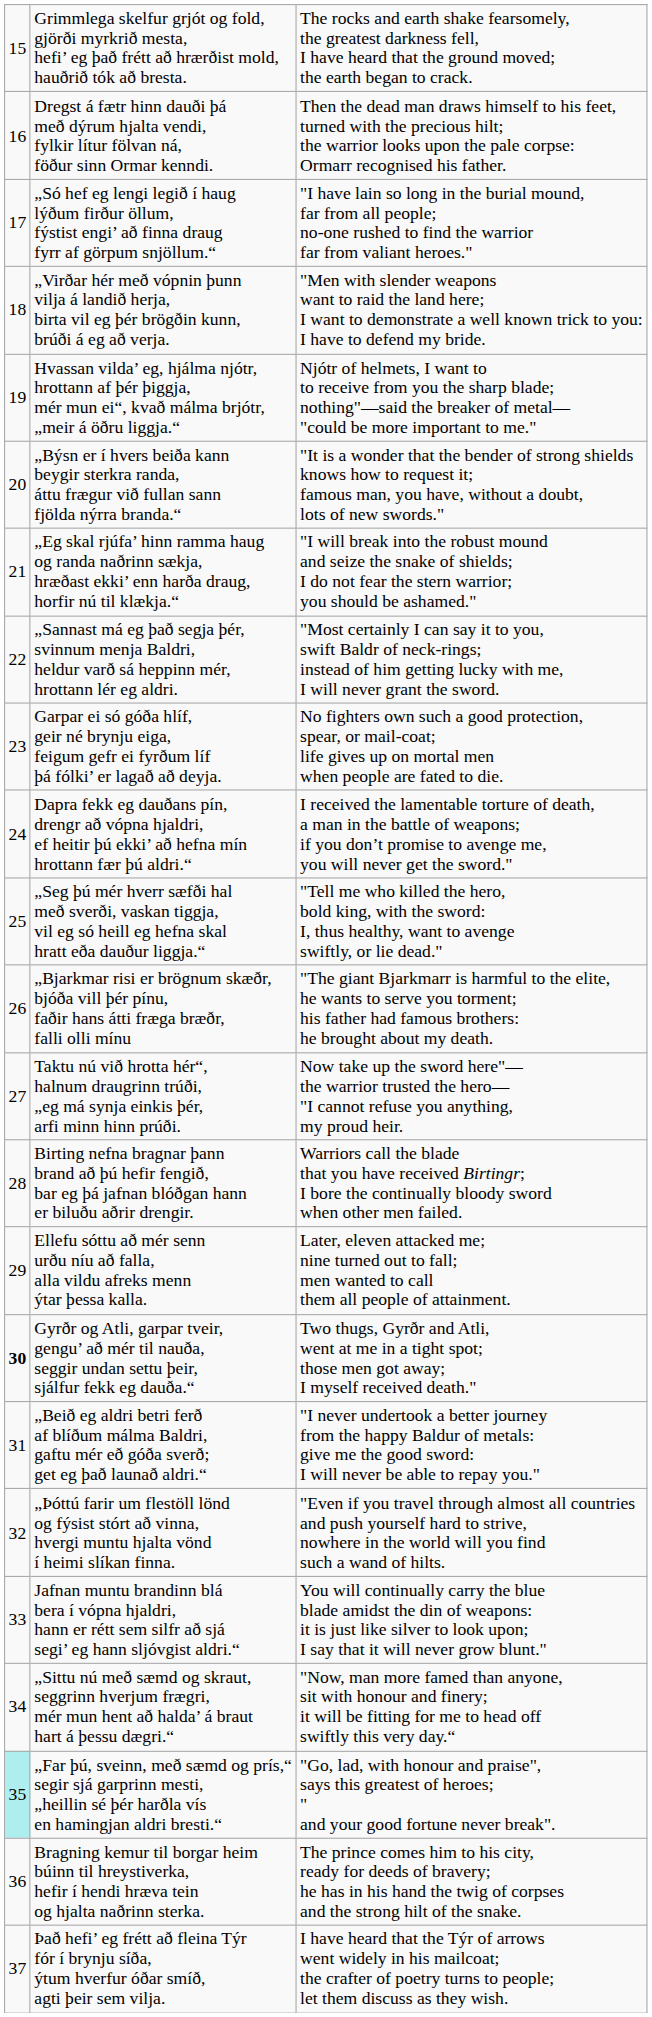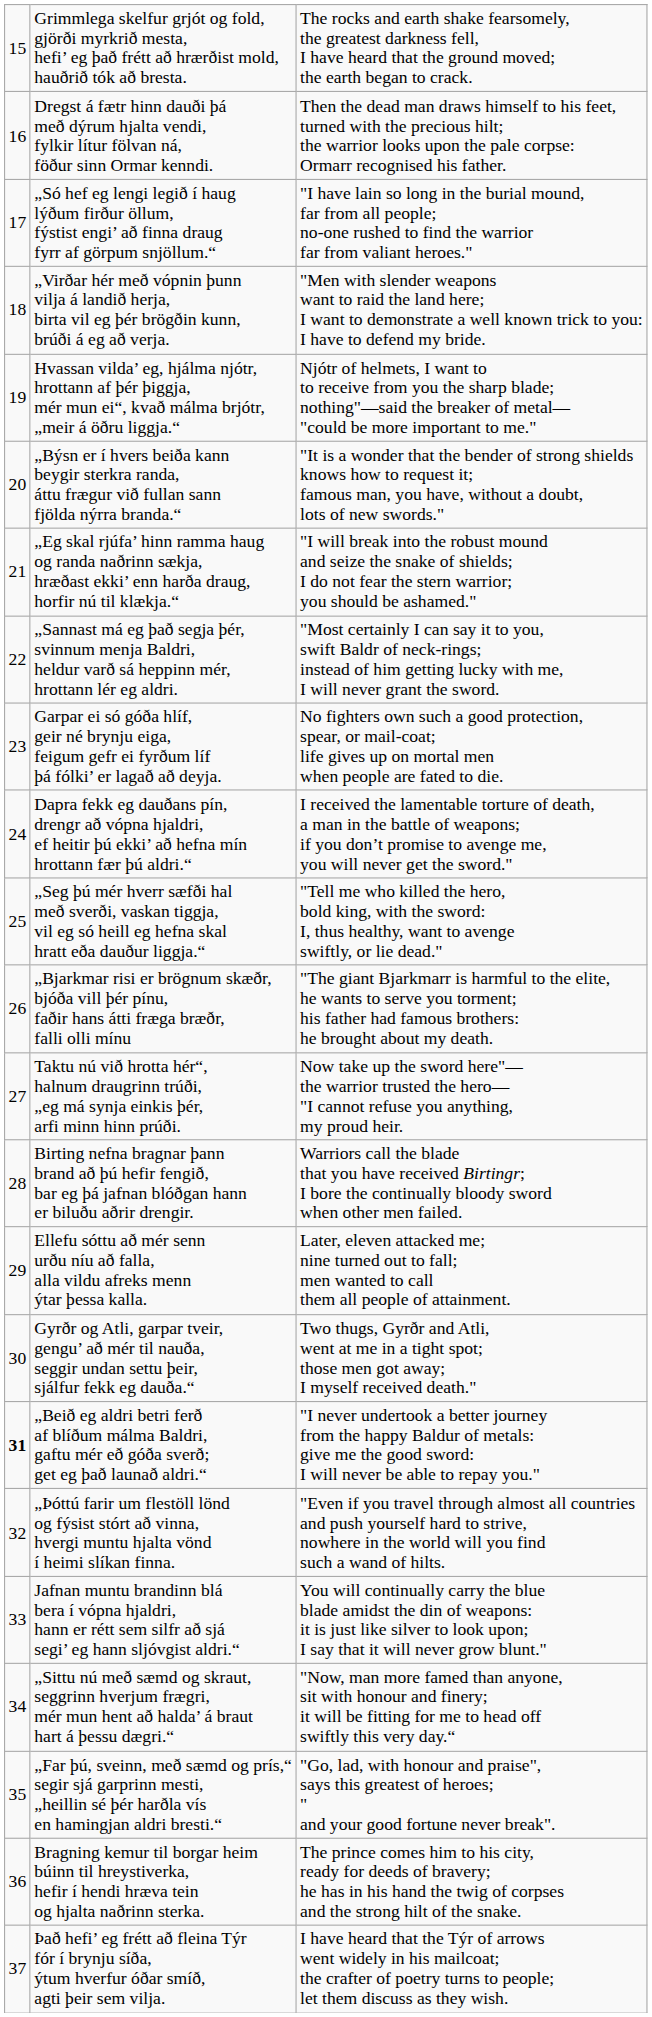 <table class="wikitable">
 <tr>
 <td>15</td>
 <td>Grimmlega skelfur grjót og fold,<br>gjörði myrkrið mesta,<br>hefi’ eg það frétt að hrærðist mold,<br>hauðrið tók að bresta.</td>
 <td>The rocks and earth shake fearsomely,<br>the greatest darkness fell,<br>I have heard that the ground moved;<br>the earth began to crack.</td>
 </tr>
 <tr>
 <td>16</td>
 <td>Dregst á fætr hinn dauði þá<br>með dýrum hjalta vendi,<br>fylkir lítur fölvan ná,<br>föður sinn Ormar kenndi.</td>
 <td>Then the dead man draws himself to his feet,<br>turned with the precious hilt;<br>the warrior looks upon the pale corpse:<br>Ormarr recognised his father.</td>
 </tr>
 <tr>
 <td>17</td>
 <td>„Só hef eg lengi legið í haug<br>lýðum firður öllum,<br>fýstist engi’ að finna draug<br>fyrr af görpum snjöllum.“</td>
 <td>"I have lain so long in the burial mound,<br>far from all people;<br>no-one rushed to find the warrior<br>far from valiant heroes."</td>
 </tr>
 <tr>
 <td>18</td>
 <td>„Virðar hér með vópnin þunn<br>vilja á landið herja,<br>birta vil eg þér brögðin kunn,<br>brúði á eg að verja.</td>
 <td>"Men with slender weapons<br>want to raid the land here;<br>I want to demonstrate a well known trick to you:<br>I have to defend my bride.</td>
 </tr>
 <tr>
 <td>19</td>
 <td>Hvassan vilda’ eg, hjálma njótr,<br>hrottann af þér þiggja,<br>mér mun ei“, kvað málma brjótr,<br>„meir á öðru liggja.“</td>
 <td>Njótr of helmets, I want to<br>to receive from you the sharp blade;<br>nothing"—said the breaker of metal—<br>"could be more important to me."</td>
 </tr>
 <tr>
 <td>20</td>
 <td>„Býsn er í hvers beiða kann<br>beygir sterkra randa,<br>áttu frægur við fullan sann<br>fjölda nýrra branda.“</td>
 <td>"It is a wonder that the bender of strong shields<br>knows how to request it;<br>famous man, you have, without a doubt,<br>lots of new swords."</td>
 </tr>
 <tr>
 <td>21</td>
 <td>„Eg skal rjúfa’ hinn ramma haug<br>og randa naðrinn sækja,<br>hræðast ekki’ enn harða draug,<br>horfir nú til klækja.“</td>
 <td>"I will break into the robust mound<br>and seize the snake of shields;<br>I do not fear the stern warrior;<br>you should be ashamed."</td>
 </tr>
 <tr>
 <td>22</td>
 <td>„Sannast má eg það segja þér,<br>svinnum menja Baldri,<br>heldur varð sá heppinn mér,<br>hrottann lér eg aldri.</td>
 <td>"Most certainly I can say it to you,<br>swift Baldr of neck-rings;<br>instead of him getting lucky with me,<br>I will never grant the sword.</td>
 </tr>
 <tr>
 <td>23</td>
 <td>Garpar ei só góða hlíf,<br>geir né brynju eiga,<br>feigum gefr ei fyrðum líf<br>þá fólki’ er lagað að deyja.</td>
 <td>No fighters own such a good protection,<br>spear, or mail-coat;<br>life gives up on mortal men<br>when people are fated to die.</td>
 </tr>
 <tr>
 <td>24</td>
 <td>Dapra fekk eg dauðans pín,<br>drengr að vópna hjaldri,<br>ef heitir þú ekki’ að hefna mín<br>hrottann fær þú aldri.“</td>
 <td>I received the lamentable torture of death,<br>a man in the battle of weapons;<br>if you don’t promise to avenge me,<br>you will never get the sword."</td>
 </tr>
 <tr>
 <td>25</td>
 <td>„Seg þú mér hverr sæfði hal<br>með sverði, vaskan tiggja,<br>vil eg só heill eg hefna skal<br>hratt eða dauður liggja.“</td>
 <td>"Tell me who killed the hero,<br>bold king, with the sword:<br>I, thus healthy, want to avenge<br>swiftly, or lie dead."</td>
 </tr>
 <tr>
 <td>26</td>
 <td>„Bjarkmar risi er brögnum skæðr,<br>bjóða vill þér pínu,<br>faðir hans átti fræga bræðr,<br>falli olli mínu</td>
 <td>"The giant Bjarkmarr is harmful to the elite,<br>he wants to serve you torment;<br>his father had famous brothers:<br>he brought about my death.</td>
 </tr>
 <tr>
 <td>27</td>
 <td>Taktu nú við hrotta hér“,<br>halnum draugrinn trúði,<br>„eg má synja einkis þér,<br>arfi minn hinn prúði.</td>
 <td>Now take up the sword here"—<br>the warrior trusted the hero—<br>"I cannot refuse you anything,<br>my proud heir.</td>
 </tr>
 <tr>
 <td>28</td>
 <td>Birting nefna bragnar þann<br>brand að þú hefir fengið,<br>bar eg þá jafnan blóðgan hann<br>er biluðu aðrir drengir.</td>
 <td>Warriors call the blade<br>that you have received <em>Birtingr</em>;<br>I bore the continually bloody sword<br>when other men failed.</td>
 </tr>
 <tr>
 <td>29</td>
 <td>Ellefu sóttu að mér senn<br>urðu níu að falla,<br>alla vildu afreks menn<br>ýtar þessa kalla.</td>
 <td>Later, eleven attacked me;<br>nine turned out to fall;<br>men wanted to call<br>them all people of attainment.</td>
 </tr>
 <tr>
-<td><strong>30</strong></td>
+<td>30</td>
 <td>Gyrðr og Atli, garpar tveir,<br>gengu’ að mér til nauða,<br>seggir undan settu þeir,<br>sjálfur fekk eg dauða.“</td>
 <td>Two thugs, Gyrðr and Atli,<br>went at me in a tight spot;<br>those men got away;<br>I myself received death."</td>
 </tr>
 <tr>
-<td>31</td>
+<td><strong>31</strong></td>
 <td>„Beið eg aldri betri ferð<br>af blíðum málma Baldri,<br>gaftu mér eð góða sverð;<br>get eg það launað aldri.“</td>
 <td>"I never undertook a better journey<br>from the happy Baldur of metals:<br>give me the good sword:<br>I will never be able to repay you."</td>
 </tr>
 <tr>
 <td>32</td>
 <td>„Þóttú farir um flestöll lönd<br>og fýsist stórt að vinna,<br>hvergi muntu hjalta vönd<br>í heimi slíkan finna.</td>
 <td>"Even if you travel through almost all countries<br>and push yourself hard to strive,<br>nowhere in the world will you find<br>such a wand of hilts.</td>
 </tr>
 <tr>
 <td>33</td>
 <td>Jafnan muntu brandinn blá<br>bera í vópna hjaldri,<br>hann er rétt sem silfr að sjá<br>segi’ eg hann sljóvgist aldri.“</td>
 <td>You will continually carry the blue<br>blade amidst the din of weapons:<br>it is just like silver to look upon;<br>I say that it will never grow blunt."</td>
 </tr>
 <tr>
 <td>34</td>
 <td>„Sittu nú með sæmd og skraut,<br>seggrinn hverjum frægri,<br>mér mun hent að halda’ á braut<br>hart á þessu dægri.“</td>
 <td>"Now, man more famed than anyone,<br>sit with honour and finery;<br>it will be fitting for me to head off<br>swiftly this very day.“</td>
 </tr>
 <tr>
-<td style="background: paleturquoise;">35</td>
+<td>35</td>
 <td>„Far þú, sveinn, með sæmd og prís,“<br>segir sjá garprinn mesti,<br>„heillin sé þér harðla vís<br>en hamingjan aldri bresti.“</td>
 <td>"Go, lad, with honour and praise",<br>says this greatest of heroes;<br>"<br>and your good fortune never break".</td>
 </tr>
 <tr>
 <td>36</td>
 <td>Bragning kemur til borgar heim<br>búinn til hreystiverka,<br>hefir í hendi hræva tein<br>og hjalta naðrinn sterka.</td>
 <td>The prince comes him to his city,<br>ready for deeds of bravery;<br>he has in his hand the twig of corpses<br>and the strong hilt of the snake.</td>
 </tr>
 <tr>
 <td>37</td>
 <td>Það hefi’ eg frétt að fleina Týr<br>fór í brynju síða,<br>ýtum hverfur óðar smíð,<br>agti þeir sem vilja.</td>
 <td>I have heard that the Týr of arrows<br>went widely in his mailcoat;<br>the crafter of poetry turns to people;<br>let them discuss as they wish.</td>
 </tr>
 </table>
